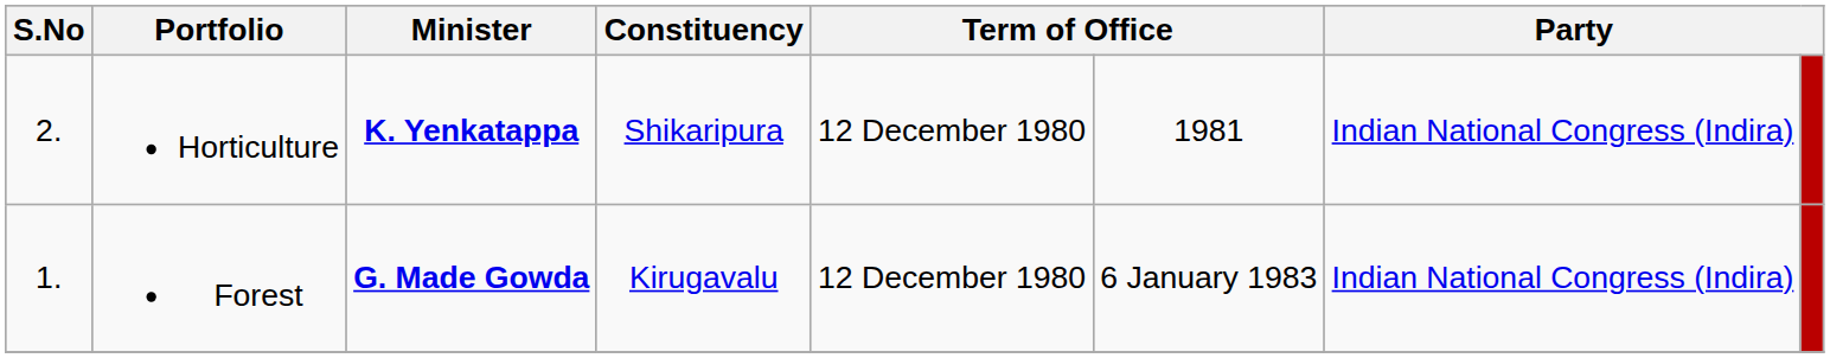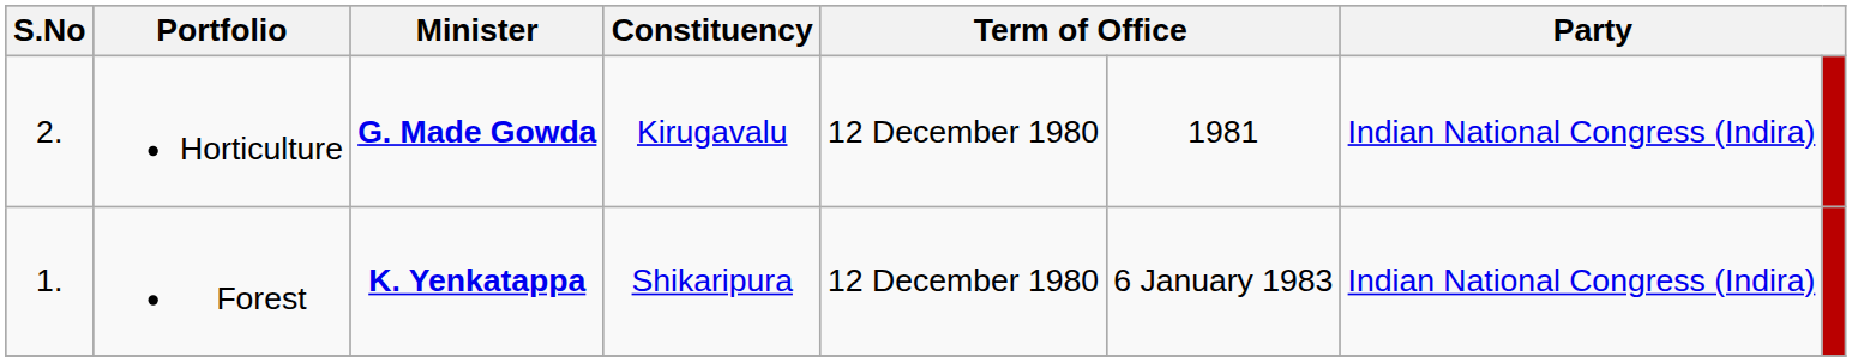 <table class="wikitable sortable" style="text-align:center;">
 <tr>
 <th>S.No</th>
 <th>Portfolio</th>
 <th>Minister</th>
 <th>Constituency</th>
 <th colspan="2">Term of Office</th>
 <th colspan="2" scope="col">Party</th>
 </tr>
 <tr>
 <td>2.</td>
 <td><br><ul><li>Horticulture</li></ul></td>
-<td><strong><a href='#'>K. Yenkatappa</a></strong></td>
-<td><a href='#'>Shikaripura</a></td>
+<td><strong><a href='#'>G. Made Gowda</a></strong></td>
+<td><a href='#'>Kirugavalu</a></td>
 <td>12 December 1980</td>
 <td>1981</td>
 <td><a href='#'>Indian National Congress (Indira)</a></td>
 <td width="4px" bgcolor="background-color: "></td>
 </tr>
 <tr style="text-align:center">
 <td>1.</td>
 <td><br><ul><li>Forest</li></ul></td>
-<td><strong><a href='#'>G. Made Gowda</a></strong></td>
-<td><a href='#'>Kirugavalu</a></td>
+<td><strong><a href='#'>K. Yenkatappa</a></strong></td>
+<td><a href='#'>Shikaripura</a></td>
 <td>12 December 1980</td>
 <td>6 January 1983</td>
 <td><a href='#'>Indian National Congress (Indira)</a></td>
 <td width="4px" bgcolor="background-color: "></td>
 </tr>
 <tr style="text-align:center">
 </tr>
 </table>
